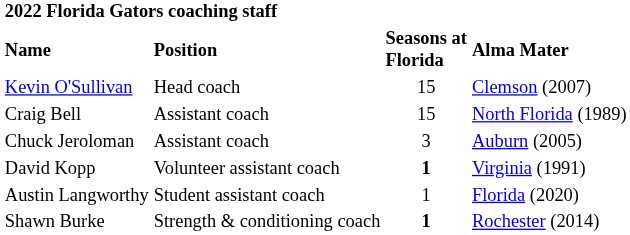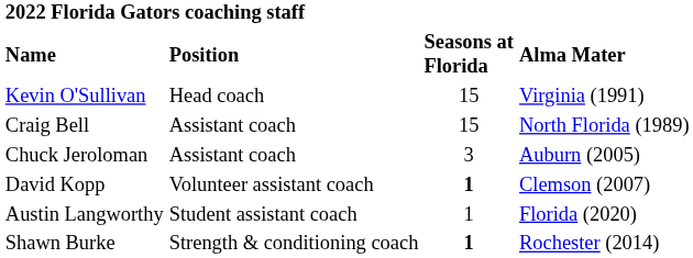 <table class="toccolours" style="text-align: left; font-size:90%;">
 <tr>
 <th colspan="9">2022 Florida Gators coaching staff</th>
 </tr>
 <tr>
 <th>Name</th>
 <th>Position</th>
 <th>Seasons at<br>Florida</th>
 <th>Alma Mater</th>
 </tr>
 <tr>
 <td><a href='#'>Kevin O'Sullivan</a></td>
 <td>Head coach</td>
 <td align=center>15</td>
-<td><a href='#'>Clemson</a> (2007)</td>
+<td><a href='#'>Virginia</a> (1991)</td>
 </tr>
 <tr>
 <td>Craig Bell</td>
 <td>Assistant coach</td>
 <td align=center>15</td>
 <td><a href='#'>North Florida</a> (1989)</td>
 </tr>
 <tr>
 <td>Chuck Jeroloman</td>
 <td>Assistant coach</td>
 <td align=center>3</td>
 <td><a href='#'>Auburn</a> (2005)</td>
 </tr>
 <tr>
 <td>David Kopp</td>
 <td>Volunteer assistant coach</td>
 <td align=center><strong>1</strong></td>
-<td><a href='#'>Virginia</a> (1991)</td>
+<td><a href='#'>Clemson</a> (2007)</td>
 </tr>
 <tr>
 <td>Austin Langworthy</td>
 <td>Student assistant coach</td>
 <td align=center>1</td>
 <td><a href='#'>Florida</a> (2020)</td>
 </tr>
 <tr>
 <td>Shawn Burke</td>
 <td>Strength & conditioning coach</td>
 <td align=center><strong>1</strong></td>
 <td><a href='#'>Rochester</a> (2014)</td>
 </tr>
 </table>
